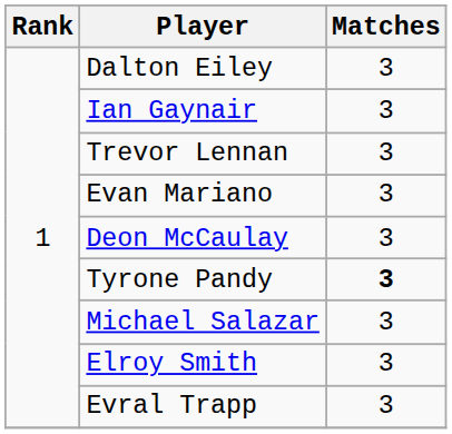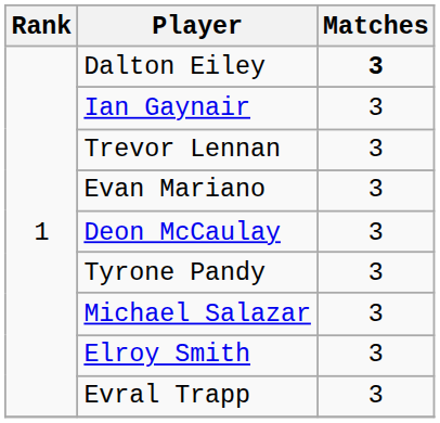 <table class="wikitable" style="text-align: left;">
 <tr>
 <th>Rank</th>
 <th>Player</th>
 <th>Matches</th>
 </tr>
 <tr>
 <td rowspan=9 align=center>1</td>
 <td>Dalton Eiley</td>
-<td align=center>3</td>
+<td align=center><strong>3</strong></td>
 </tr>
 <tr>
 <td><a href='#'>Ian Gaynair</a></td>
 <td align=center>3</td>
 </tr>
 <tr>
 <td>Trevor Lennan</td>
 <td align=center>3</td>
 </tr>
 <tr>
 <td>Evan Mariano</td>
 <td align=center>3</td>
 </tr>
 <tr>
 <td><a href='#'>Deon McCaulay</a></td>
 <td align=center>3</td>
 </tr>
 <tr>
 <td>Tyrone Pandy</td>
-<td align=center><strong>3</strong></td>
+<td align=center>3</td>
 </tr>
 <tr>
 <td><a href='#'>Michael Salazar</a></td>
 <td align=center>3</td>
 </tr>
 <tr>
 <td><a href='#'>Elroy Smith</a></td>
 <td align=center>3</td>
 </tr>
 <tr>
 <td>Evral Trapp</td>
 <td align=center>3</td>
 </tr>
 <tr>
 </tr>
 </table>
